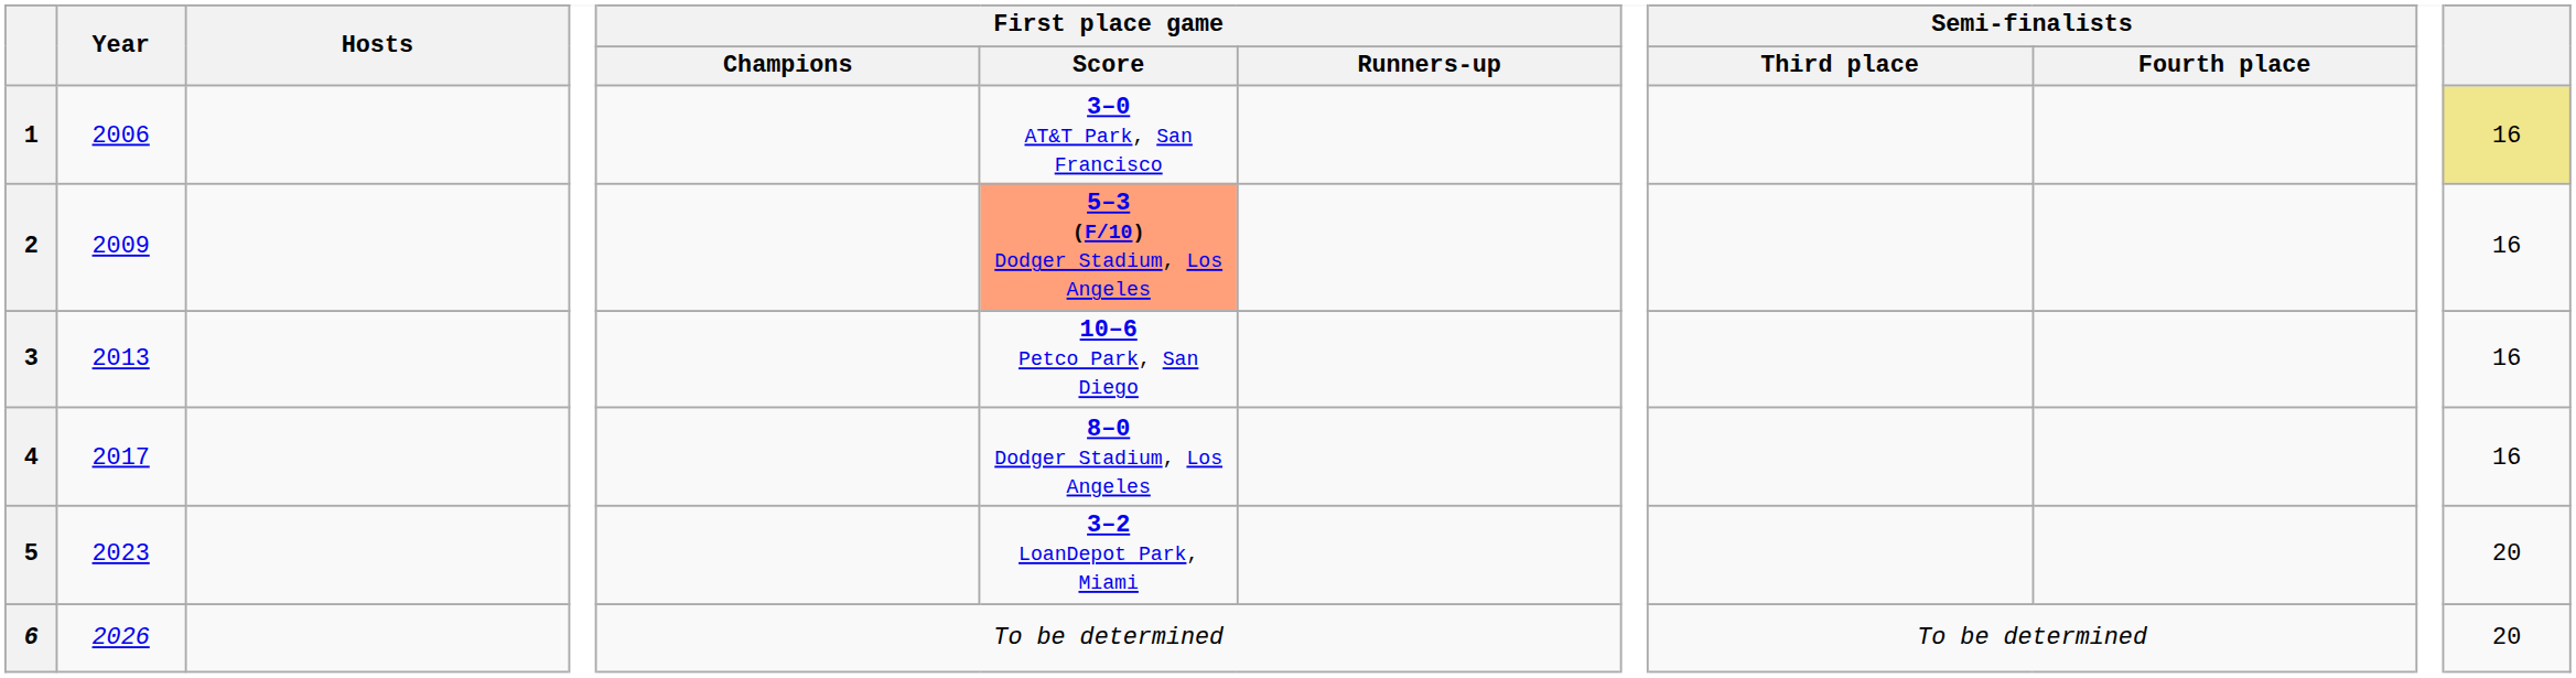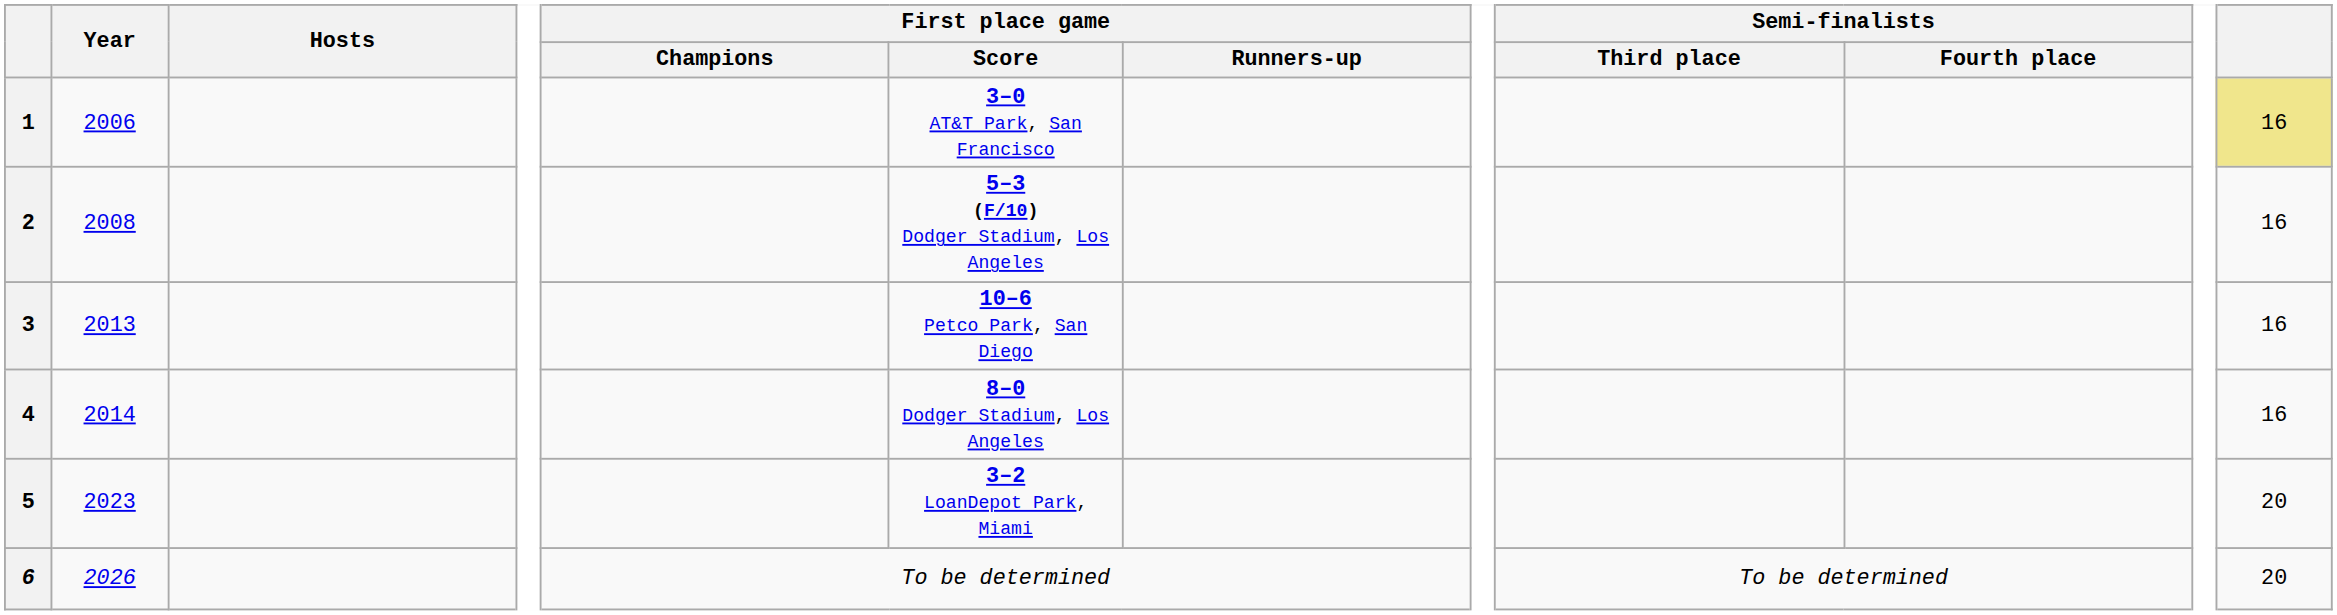 <table class="wikitable sortable plainrowheaders" style="font-size:90%; text-align:center; width:;">
 <tr>
 <th scope="col" rowspan=2 style="width:2%;"></th>
 <th scope="col" rowspan=2 style="width:5%;">Year</th>
 <th scope="col" rowspan=2 style="width:15%;">Hosts</th>
 <td width="1%" rowspan=21 style="background-color:#ffffff;border-top-style:hidden; border-bottom-style:hidden;"></td>
 <th scope="col" colspan=3>First place game</th>
 <td width="1%" rowspan=21 style="background-color:#ffffff;border-top-style:hidden; border-bottom-style:hidden;"></td>
 <th scope="col" colspan=2>Semi-finalists</th>
 <td width="1%" rowspan=21 style="background-color:#ffffff;border-top-style:hidden; border-bottom-style:hidden;"></td>
 <th scope="col" rowspan=2 style= "width:5%;"></th>
 </tr>
 <tr>
 <th style="width:15%;">Champions</th>
 <th style="width:10%;">Score</th>
 <th style="width:15%;">Runners-up</th>
 <th style="width:15%;">Third place</th>
 <th style="width:15%;">Fourth place</th>
 </tr>
 <tr>
 <th>1</th>
 <td scope="row"><a href='#'>2006</a></td>
 <td align=left> <br> <br> </td>
 <td><strong></strong></td>
 <td><strong><a href='#'>3–0</a></strong><br><small><a href='#'>AT&T Park</a>, <a href='#'>San Francisco</a> </small></td>
 <td></td>
 <td></td>
 <td></td>
 <td style="background: khaki;">16</td>
 </tr>
 <tr>
 <th>2</th>
-<td scope="row"><a href='#'>2009</a></td>
+<td scope="row"><a href='#'>2008</a></td>
 <td align=left><br><br><br><br></td>
 <td><strong></strong></td>
-<td style="background: lightsalmon;"><strong><a href='#'>5–3</a></strong><br><small><strong>(<a href='#'>F/10</a>)</strong></small><br><small><a href='#'>Dodger Stadium</a>, <a href='#'>Los Angeles</a> </small></td>
+<td><strong><a href='#'>5–3</a></strong><br><small><strong>(<a href='#'>F/10</a>)</strong></small><br><small><a href='#'>Dodger Stadium</a>, <a href='#'>Los Angeles</a> </small></td>
 <td></td>
 <td></td>
 <td></td>
 <td>16</td>
 </tr>
 <tr>
 <th>3</th>
 <td scope="row"><a href='#'>2013</a></td>
 <td align=left> <br><br><br></td>
 <td><strong></strong></td>
 <td><strong><a href='#'>10–6</a></strong><br><small><a href='#'>Petco Park</a>, <a href='#'>San Diego</a> </small></td>
 <td></td>
 <td></td>
 <td></td>
 <td>16</td>
 </tr>
 <tr>
 <th>4</th>
-<td scope="row"><a href='#'>2017</a></td>
+<td scope="row"><a href='#'>2014</a></td>
 <td align=left> <br><br><br></td>
 <td><strong></strong></td>
 <td><strong><a href='#'>8–0</a></strong><br><small><a href='#'>Dodger Stadium</a>, <a href='#'>Los Angeles</a> </small></td>
 <td></td>
 <td></td>
 <td></td>
 <td>16</td>
 </tr>
 <tr>
 <th>5</th>
 <td scope="row"><a href='#'>2023</a></td>
 <td align="left"> <br><br></td>
 <td><strong></strong></td>
 <td><strong><a href='#'>3–2</a></strong><br><small><a href='#'>LoanDepot Park</a>, <a href='#'>Miami</a></small></td>
 <td></td>
 <td></td>
 <td></td>
 <td>20</td>
 </tr>
 <tr>
 <th><em>6</em></th>
 <td scope="row"><em><a href='#'>2026</a></em></td>
 <td align="left"> <br><br></td>
 <td colspan="3"><em>To be determined</em></td>
 <td colspan="2"><em>To be determined</em></td>
 <td>20</td>
 </tr>
 </table>
